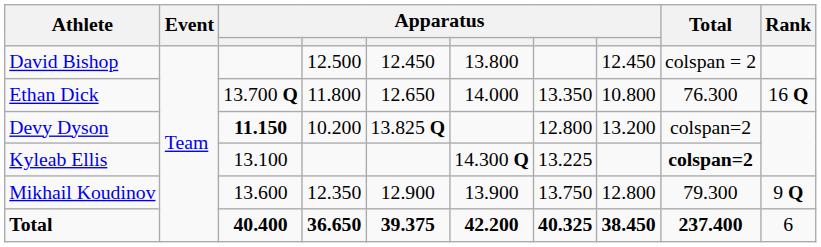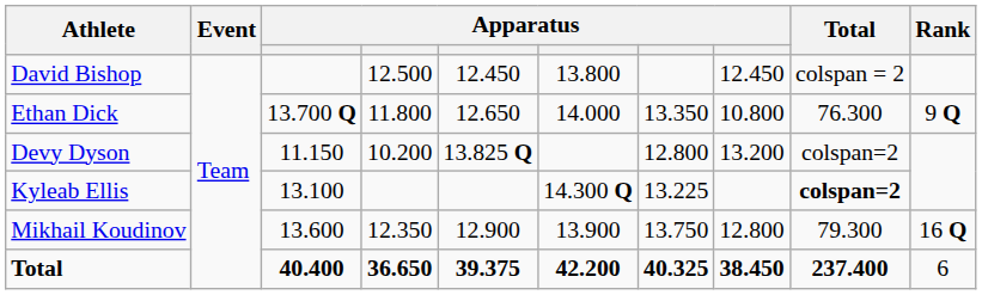 <table class="wikitable" style="font-size:90%">
 <tr>
 <th rowspan=2>Athlete</th>
 <th rowspan=2>Event</th>
 <th colspan=6>Apparatus</th>
 <th rowspan=2>Total</th>
 <th rowspan=2>Rank</th>
 </tr>
 <tr style="font-size:95%">
 <th></th>
 <th></th>
 <th></th>
 <th></th>
 <th></th>
 <th></th>
 </tr>
 <tr align=center>
 <td align=left><a href='#'>David Bishop</a></td>
 <td align=left rowspan=6><a href='#'>Team</a></td>
 <td></td>
 <td>12.500</td>
 <td>12.450</td>
 <td>13.800</td>
 <td></td>
 <td>12.450</td>
 <td>colspan = 2 </td>
 </tr>
 <tr align=center>
 <td align=left><a href='#'>Ethan Dick</a></td>
 <td>13.700 <strong>Q</strong></td>
 <td>11.800</td>
 <td>12.650</td>
 <td>14.000</td>
 <td>13.350</td>
 <td>10.800</td>
 <td>76.300</td>
-<td>16 <strong>Q</strong></td>
+<td>9 <strong>Q</strong></td>
 </tr>
 <tr align=center>
 <td align=left><a href='#'>Devy Dyson</a></td>
-<td><strong>11.150</strong></td>
+<td>11.150</td>
 <td>10.200</td>
 <td>13.825 <strong>Q</strong></td>
 <td></td>
 <td>12.800</td>
 <td>13.200</td>
 <td>colspan=2 </td>
 </tr>
 <tr align=center>
 <td align=left><a href='#'>Kyleab Ellis</a></td>
 <td>13.100</td>
 <td></td>
 <td></td>
 <td>14.300 <strong>Q</strong></td>
 <td>13.225</td>
 <td></td>
 <td><strong>colspan=2 </strong></td>
 </tr>
 <tr align=center>
 <td align=left><a href='#'>Mikhail Koudinov</a></td>
 <td>13.600</td>
 <td>12.350</td>
 <td>12.900</td>
 <td>13.900</td>
 <td>13.750</td>
 <td>12.800</td>
 <td>79.300</td>
-<td>9 <strong>Q</strong></td>
+<td>16 <strong>Q</strong></td>
 </tr>
 <tr align=center>
 <td align=left><strong>Total</strong></td>
 <td><strong>40.400</strong></td>
 <td><strong>36.650</strong></td>
 <td><strong>39.375</strong></td>
 <td><strong>42.200</strong></td>
 <td><strong>40.325</strong></td>
 <td><strong>38.450</strong></td>
 <td><strong>237.400</strong></td>
 <td>6</td>
 </tr>
 </table>
